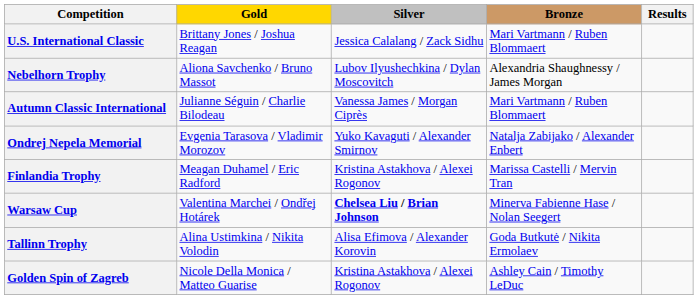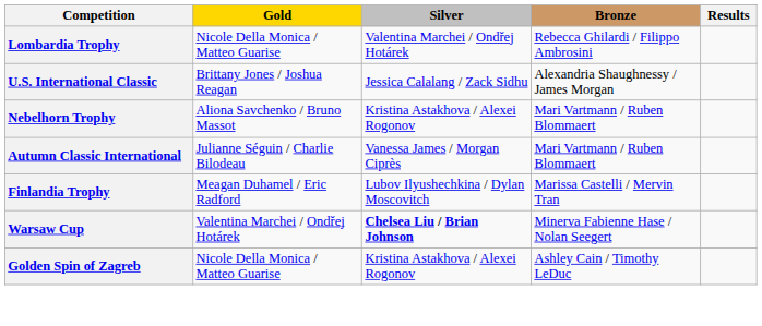 <table class="wikitable unsortable" style="text-align:left; width:100%;">
 <tr>
 <th scope="col" style="text-align:center; width:25%;">Competition</th>
 <td scope="col" style="text-align:center; width:22.5%; background:gold"><strong>Gold</strong></td>
 <td scope="col" style="text-align:center; width:22.5%; background:silver"><strong>Silver</strong></td>
 <td scope="col" style="text-align:center; width:22.5%; background:#c96"><strong>Bronze</strong></td>
 <th scope="col" style="text-align:center; width:7.5%;">Results</th>
 </tr>
 <tr>
+<th scope="row" style="text-align:left"> <a href='#'>Lombardia Trophy</a></th>
+<td> <a href='#'>Nicole Della Monica</a> / <a href='#'>Matteo Guarise</a></td>
+<td> <a href='#'>Valentina Marchei</a> / <a href='#'>Ondřej Hotárek</a></td>
+<td> <a href='#'>Rebecca Ghilardi</a> / <a href='#'>Filippo Ambrosini</a></td>
+<td></td>
+</tr>
+<tr>
 <th scope="row" style="text-align:left"> <a href='#'>U.S. International Classic</a></th>
 <td> <a href='#'>Brittany Jones</a> / <a href='#'>Joshua Reagan</a></td>
 <td> <a href='#'>Jessica Calalang</a> / <a href='#'>Zack Sidhu</a></td>
-<td> <a href='#'>Mari Vartmann</a> / <a href='#'>Ruben Blommaert</a></td>
+<td> Alexandria Shaughnessy / James Morgan</td>
 <td></td>
 </tr>
 <tr>
 <th scope="row" style="text-align:left"> <a href='#'>Nebelhorn Trophy</a></th>
 <td> <a href='#'>Aliona Savchenko</a> / <a href='#'>Bruno Massot</a></td>
-<td> <a href='#'>Lubov Ilyushechkina</a> / <a href='#'>Dylan Moscovitch</a></td>
-<td> Alexandria Shaughnessy / James Morgan</td>
+<td> <a href='#'>Kristina Astakhova</a> / <a href='#'>Alexei Rogonov</a></td>
+<td> <a href='#'>Mari Vartmann</a> / <a href='#'>Ruben Blommaert</a></td>
 <td></td>
 </tr>
 <tr>
 <th scope="row" style="text-align:left"> <a href='#'>Autumn Classic International</a></th>
 <td> <a href='#'>Julianne Séguin</a> / <a href='#'>Charlie Bilodeau</a></td>
 <td> <a href='#'>Vanessa James</a> / <a href='#'>Morgan Ciprès</a></td>
 <td> <a href='#'>Mari Vartmann</a> / <a href='#'>Ruben Blommaert</a></td>
 <td></td>
 </tr>
 <tr>
-<th scope="row" style="text-align:left"> <a href='#'>Ondrej Nepela Memorial</a></th>
-<td> <a href='#'>Evgenia Tarasova</a> / <a href='#'>Vladimir Morozov</a></td>
-<td> <a href='#'>Yuko Kavaguti</a> / <a href='#'>Alexander Smirnov</a></td>
-<td> <a href='#'>Natalja Zabijako</a> / <a href='#'>Alexander Enbert</a></td>
-<td></td>
-</tr>
-<tr>
 <th scope="row" style="text-align:left"> <a href='#'>Finlandia Trophy</a></th>
 <td> <a href='#'>Meagan Duhamel</a> / <a href='#'>Eric Radford</a></td>
-<td> <a href='#'>Kristina Astakhova</a> / <a href='#'>Alexei Rogonov</a></td>
+<td> <a href='#'>Lubov Ilyushechkina</a> / <a href='#'>Dylan Moscovitch</a></td>
 <td> <a href='#'>Marissa Castelli</a> / <a href='#'>Mervin Tran</a></td>
 <td></td>
 </tr>
 <tr>
 <th scope="row" style="text-align:left"> <a href='#'>Warsaw Cup</a></th>
 <td> <a href='#'>Valentina Marchei</a> / <a href='#'>Ondřej Hotárek</a></td>
 <td><strong> <a href='#'>Chelsea Liu</a> / <a href='#'>Brian Johnson</a></strong></td>
 <td> <a href='#'>Minerva Fabienne Hase</a> / <a href='#'>Nolan Seegert</a></td>
 <td></td>
 </tr>
 <tr>
-<th scope="row" style="text-align:left"> <a href='#'>Tallinn Trophy</a></th>
-<td> <a href='#'>Alina Ustimkina</a> / <a href='#'>Nikita Volodin</a></td>
-<td> <a href='#'>Alisa Efimova</a> / <a href='#'>Alexander Korovin</a></td>
-<td> <a href='#'>Goda Butkutė</a> / <a href='#'>Nikita Ermolaev</a></td>
-<td></td>
-</tr>
-<tr>
 <th scope="row" style="text-align:left"> <a href='#'>Golden Spin of Zagreb</a></th>
 <td> <a href='#'>Nicole Della Monica</a> / <a href='#'>Matteo Guarise</a></td>
 <td> <a href='#'>Kristina Astakhova</a> / <a href='#'>Alexei Rogonov</a></td>
 <td> <a href='#'>Ashley Cain</a> / <a href='#'>Timothy LeDuc</a></td>
 <td></td>
 </tr>
 </table>
